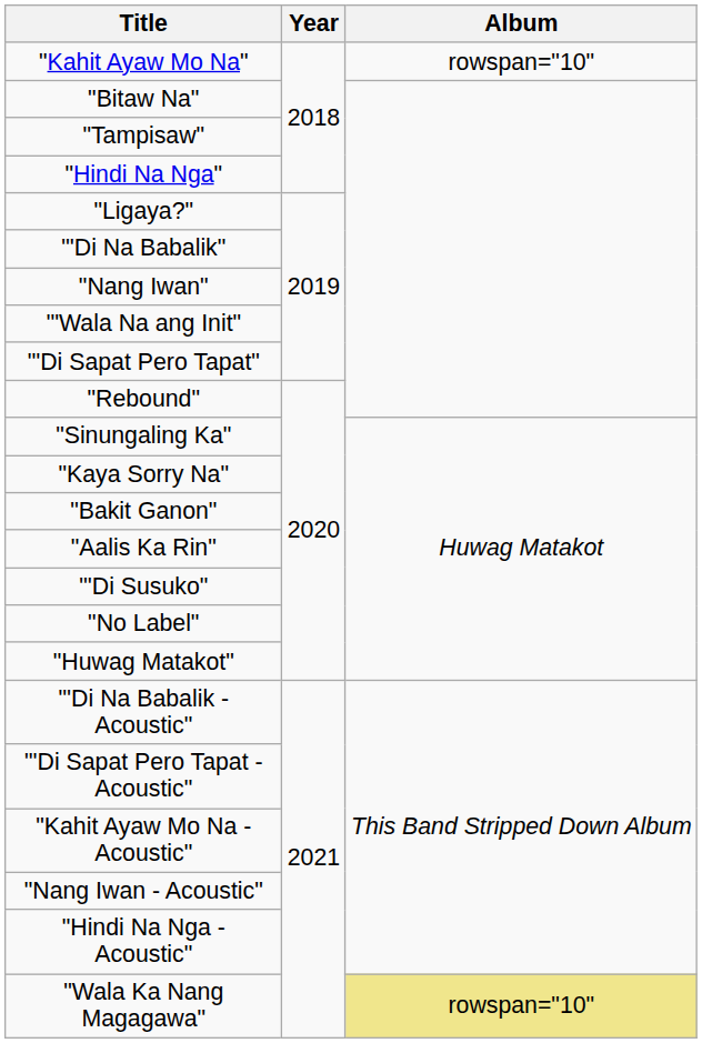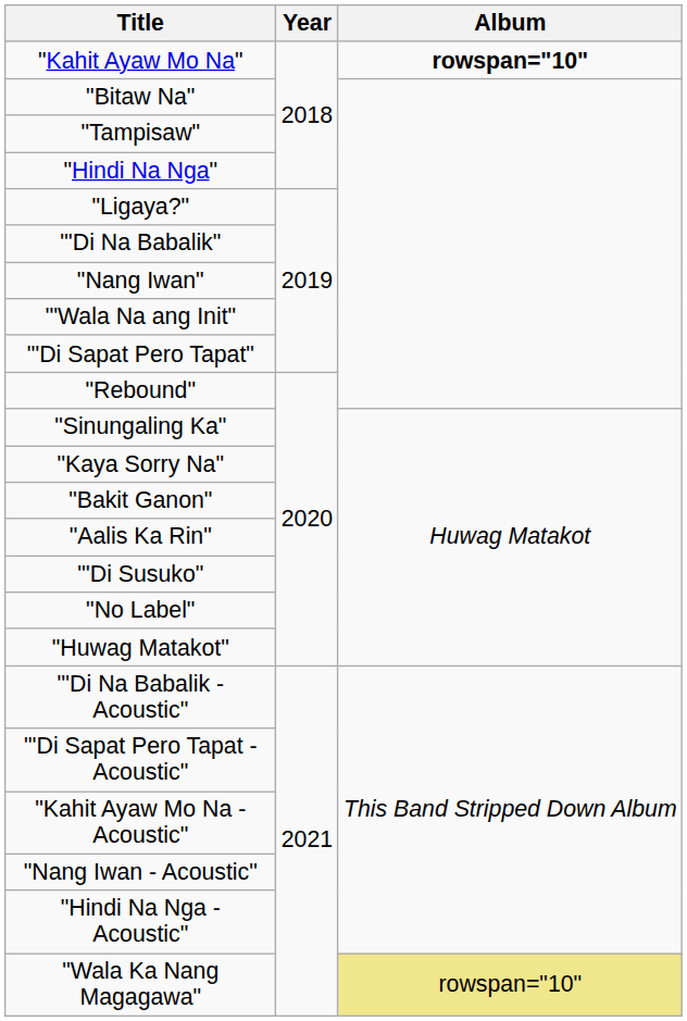 <table class="wikitable plainrowheaders" style="text-align:center;">
 <tr>
 <th scope="col" rowspan="1" style="width:180px;">Title</th>
 <th scope="col" rowspan="1">Year</th>
 <th scope="col" rowspan="1">Album</th>
 </tr>
 <tr>
 <td>"<a href='#'>Kahit Ayaw Mo Na</a>"</td>
 <td align="center" rowspan="4">2018</td>
-<td>rowspan="10" </td>
+<td><strong>rowspan="10" </strong></td>
 </tr>
 <tr>
 <td>"Bitaw Na"</td>
 </tr>
 <tr>
 <td>"Tampisaw"</td>
 </tr>
 <tr>
 <td>"<a href='#'>Hindi Na Nga</a>"</td>
 </tr>
 <tr>
 <td>"Ligaya?"</td>
 <td align="center" rowspan="5">2019</td>
 </tr>
 <tr>
 <td>"'Di Na Babalik"</td>
 </tr>
 <tr>
 <td>"Nang Iwan"</td>
 </tr>
 <tr>
 <td>'"Wala Na ang Init" <br></td>
 </tr>
 <tr>
 <td>"'Di Sapat Pero Tapat"</td>
 </tr>
 <tr>
 <td>"Rebound"</td>
 <td align="center" rowspan="8">2020</td>
 </tr>
 <tr>
 <td>"Sinungaling Ka"</td>
 <td rowspan="7"><em>Huwag Matakot</em></td>
 </tr>
 <tr>
 <td>"Kaya Sorry Na"</td>
 </tr>
 <tr>
 <td>"Bakit Ganon"</td>
 </tr>
 <tr>
 <td>"Aalis Ka Rin"</td>
 </tr>
 <tr>
 <td>"'Di Susuko"</td>
 </tr>
 <tr>
 <td>"No Label"</td>
 </tr>
 <tr>
 <td>"Huwag Matakot"</td>
 </tr>
 <tr>
 <td>"'Di Na Babalik - Acoustic"</td>
 <td align="center" rowspan="6">2021</td>
 <td rowspan="5"><em>This Band Stripped Down Album</em></td>
 </tr>
 <tr>
 <td>"'Di Sapat Pero Tapat - Acoustic"</td>
 </tr>
 <tr>
 <td>"Kahit Ayaw Mo Na - Acoustic"</td>
 </tr>
 <tr>
 <td>"Nang Iwan - Acoustic"</td>
 </tr>
 <tr>
 <td>"Hindi Na Nga - Acoustic"</td>
 </tr>
 <tr>
 <td>"Wala Ka Nang Magagawa"</td>
 <td style="background: khaki;">rowspan="10" </td>
 </tr>
 </table>
